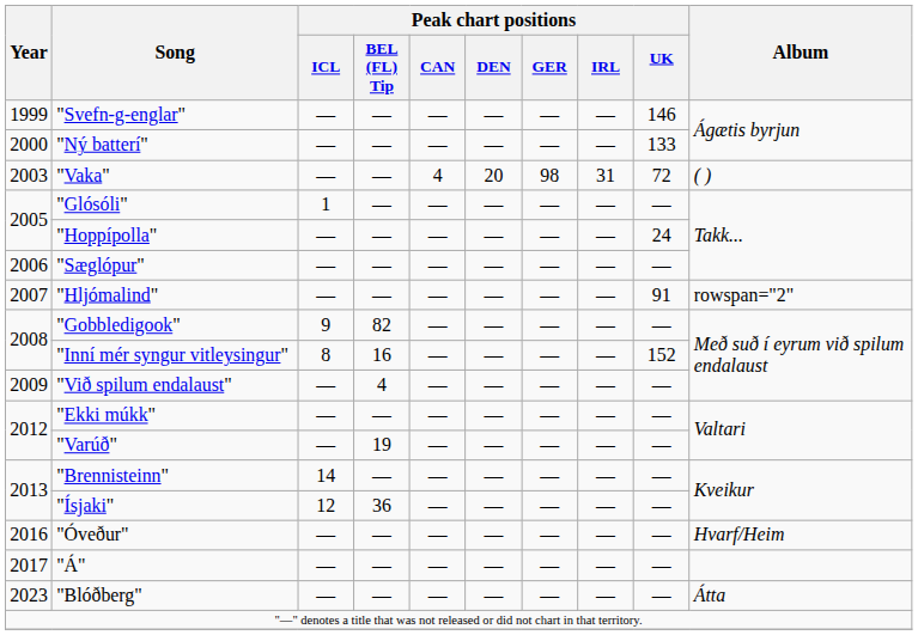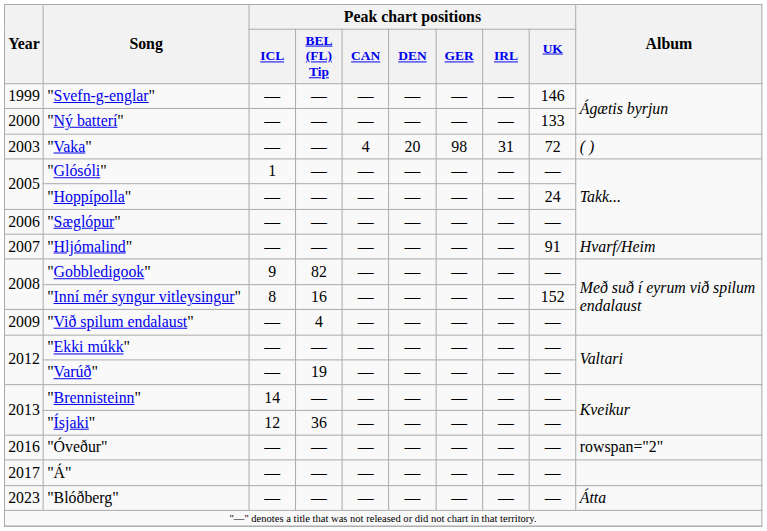 <table class="wikitable">
 <tr>
 <th rowspan="2">Year</th>
 <th style="width:200px;" rowspan="2">Song</th>
 <th colspan="7">Peak chart positions</th>
 <th style="width:180px;" rowspan="2">Album</th>
 </tr>
 <tr>
 <th style="width:3em;font-size:85%;"><a href='#'>ICL</a><br></th>
 <th style="width:3em;font-size:85%;"><a href='#'>BEL (FL)<br>Tip</a><br></th>
 <th style="width:3em;font-size:85%;"><a href='#'>CAN</a><br></th>
 <th style="width:3em;font-size:85%;"><a href='#'>DEN</a><br></th>
 <th style="width:3em;font-size:85%;"><a href='#'>GER</a><br></th>
 <th style="width:3em;font-size:85%;"><a href='#'>IRL</a><br></th>
 <th style="width:3em;font-size:85%;"><a href='#'>UK</a><br><br></th>
 </tr>
 <tr>
 <td style="text-align:center;">1999</td>
 <td>"<a href='#'>Svefn-g-englar</a>"</td>
 <td style="text-align:center;">—</td>
 <td style="text-align:center;">—</td>
 <td style="text-align:center;">—</td>
 <td style="text-align:center;">—</td>
 <td style="text-align:center;">—</td>
 <td style="text-align:center;">—</td>
 <td style="text-align:center;">146</td>
 <td rowspan="2"><em>Ágætis byrjun</em></td>
 </tr>
 <tr>
 <td style="text-align:center;">2000</td>
 <td>"<a href='#'>Ný batterí</a>"</td>
 <td style="text-align:center;">—</td>
 <td style="text-align:center;">—</td>
 <td style="text-align:center;">—</td>
 <td style="text-align:center;">—</td>
 <td style="text-align:center;">—</td>
 <td style="text-align:center;">—</td>
 <td style="text-align:center;">133</td>
 </tr>
 <tr>
 <td style="text-align:center;">2003</td>
 <td>"<a href='#'>Vaka</a>"</td>
 <td style="text-align:center;">—</td>
 <td style="text-align:center;">—</td>
 <td style="text-align:center;">4</td>
 <td style="text-align:center;">20</td>
 <td style="text-align:center;">98</td>
 <td style="text-align:center;">31</td>
 <td style="text-align:center;">72</td>
 <td><em>( )</em></td>
 </tr>
 <tr>
 <td style="text-align:center;" rowspan="2">2005</td>
 <td>"<a href='#'>Glósóli</a>"</td>
 <td style="text-align:center;">1</td>
 <td style="text-align:center;">—</td>
 <td style="text-align:center;">—</td>
 <td style="text-align:center;">—</td>
 <td style="text-align:center;">—</td>
 <td style="text-align:center;">—</td>
 <td style="text-align:center;">—</td>
 <td rowspan="3"><em>Takk...</em></td>
 </tr>
 <tr>
 <td>"<a href='#'>Hoppípolla</a>"</td>
 <td style="text-align:center;">—</td>
 <td style="text-align:center;">—</td>
 <td style="text-align:center;">—</td>
 <td style="text-align:center;">—</td>
 <td style="text-align:center;">—</td>
 <td style="text-align:center;">—</td>
 <td style="text-align:center;">24</td>
 </tr>
 <tr>
 <td style="text-align:center;">2006</td>
 <td>"<a href='#'>Sæglópur</a>"</td>
 <td style="text-align:center;">—</td>
 <td style="text-align:center;">—</td>
 <td style="text-align:center;">—</td>
 <td style="text-align:center;">—</td>
 <td style="text-align:center;">—</td>
 <td style="text-align:center;">—</td>
 <td style="text-align:center;">—</td>
 </tr>
 <tr>
 <td style="text-align:center;">2007</td>
 <td>"<a href='#'>Hljómalind</a>"</td>
 <td style="text-align:center;">—</td>
 <td style="text-align:center;">—</td>
 <td style="text-align:center;">—</td>
 <td style="text-align:center;">—</td>
 <td style="text-align:center;">—</td>
 <td style="text-align:center;">—</td>
 <td style="text-align:center;">91</td>
-<td>rowspan="2" </td>
+<td><em>Hvarf/Heim</em></td>
 </tr>
 <tr>
 <td style="text-align:center;" rowspan="2">2008</td>
 <td>"<a href='#'>Gobbledigook</a>"</td>
 <td style="text-align:center;">9</td>
 <td style="text-align:center;">82</td>
 <td style="text-align:center;">—</td>
 <td style="text-align:center;">—</td>
 <td style="text-align:center;">—</td>
 <td style="text-align:center;">—</td>
 <td style="text-align:center;">—</td>
 <td rowspan="3"><em>Með suð í eyrum við spilum endalaust</em></td>
 </tr>
 <tr>
 <td>"<a href='#'>Inní mér syngur vitleysingur</a>"</td>
 <td style="text-align:center;">8</td>
 <td style="text-align:center;">16</td>
 <td style="text-align:center;">—</td>
 <td style="text-align:center;">—</td>
 <td style="text-align:center;">—</td>
 <td style="text-align:center;">—</td>
 <td style="text-align:center;">152</td>
 </tr>
 <tr>
 <td style="text-align:center;">2009</td>
 <td>"<a href='#'>Við spilum endalaust</a>"</td>
 <td style="text-align:center;">—</td>
 <td style="text-align:center;">4</td>
 <td style="text-align:center;">—</td>
 <td style="text-align:center;">—</td>
 <td style="text-align:center;">—</td>
 <td style="text-align:center;">—</td>
 <td style="text-align:center;">—</td>
 </tr>
 <tr>
 <td style="text-align:center;" rowspan="2">2012</td>
 <td>"<a href='#'>Ekki múkk</a>"</td>
 <td style="text-align:center;">—</td>
 <td style="text-align:center;">—</td>
 <td style="text-align:center;">—</td>
 <td style="text-align:center;">—</td>
 <td style="text-align:center;">—</td>
 <td style="text-align:center;">—</td>
 <td style="text-align:center;">—</td>
 <td rowspan="2"><em>Valtari</em></td>
 </tr>
 <tr>
 <td>"<a href='#'>Varúð</a>"</td>
 <td style="text-align:center;">—</td>
 <td style="text-align:center;">19</td>
 <td style="text-align:center;">—</td>
 <td style="text-align:center;">—</td>
 <td style="text-align:center;">—</td>
 <td style="text-align:center;">—</td>
 <td style="text-align:center;">—</td>
 </tr>
 <tr>
 <td style="text-align:center;" rowspan="2">2013</td>
 <td>"<a href='#'>Brennisteinn</a>"</td>
 <td style="text-align:center;">14</td>
 <td style="text-align:center;">—</td>
 <td style="text-align:center;">—</td>
 <td style="text-align:center;">—</td>
 <td style="text-align:center;">—</td>
 <td style="text-align:center;">—</td>
 <td style="text-align:center;">—</td>
 <td rowspan="2"><em>Kveikur</em></td>
 </tr>
 <tr>
 <td>"<a href='#'>Ísjaki</a>"</td>
 <td style="text-align:center;">12</td>
 <td style="text-align:center;">36</td>
 <td style="text-align:center;">—</td>
 <td style="text-align:center;">—</td>
 <td style="text-align:center;">—</td>
 <td style="text-align:center;">—</td>
 <td style="text-align:center;">—</td>
 </tr>
 <tr>
 <td style="text-align:center;">2016</td>
 <td>"Óveður"</td>
 <td style="text-align:center;">—</td>
 <td style="text-align:center;">—</td>
 <td style="text-align:center;">—</td>
 <td style="text-align:center;">—</td>
 <td style="text-align:center;">—</td>
 <td style="text-align:center;">—</td>
 <td style="text-align:center;">—</td>
-<td><em>Hvarf/Heim</em></td>
+<td>rowspan="2" </td>
 </tr>
 <tr>
 <td style="text-align:center;">2017</td>
 <td>"Á"</td>
 <td style="text-align:center;">—</td>
 <td style="text-align:center;">—</td>
 <td style="text-align:center;">—</td>
 <td style="text-align:center;">—</td>
 <td style="text-align:center;">—</td>
 <td style="text-align:center;">—</td>
 <td style="text-align:center;">—</td>
 </tr>
 <tr>
 <td style="text-align:center;">2023</td>
 <td>"Blóðberg"</td>
 <td style="text-align:center;">—</td>
 <td style="text-align:center;">—</td>
 <td style="text-align:center;">—</td>
 <td style="text-align:center;">—</td>
 <td style="text-align:center;">—</td>
 <td style="text-align:center;">—</td>
 <td style="text-align:center;">—</td>
 <td><em>Átta</em></td>
 </tr>
 <tr>
 <td colspan="15" style="text-align:center; font-size:8pt;">"—" denotes a title that was not released or did not chart in that territory.</td>
 </tr>
 <tr>
 </tr>
 </table>
